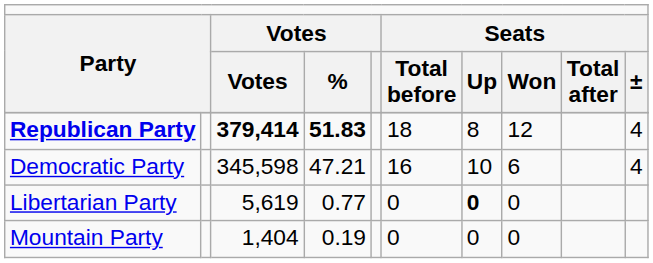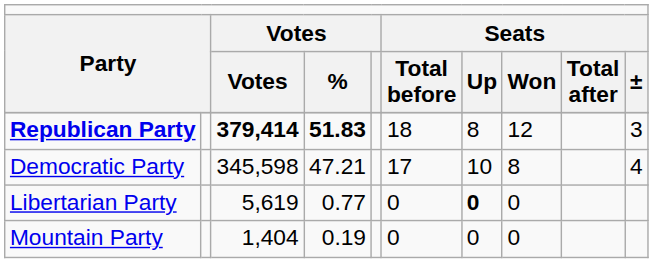 <table class="wikitable sortable" style="text-align:centre;">
 <tr>
 <td colspan=15 align=center></td>
 </tr>
 <tr>
 <th colspan=2 rowspan=2>Party</th>
 <th colspan=3>Votes</th>
 <th colspan=5>Seats</th>
 </tr>
 <tr>
 <th>Votes</th>
 <th>%</th>
 <th class="unsortable"></th>
 <th>Total<br>before</th>
 <th>Up</th>
 <th>Won</th>
 <th>Total<br>after</th>
 <th>±</th>
 </tr>
 <tr>
 </tr>
 <tr>
 <td style="text-align:left;"><strong><a href='#'>Republican Party</a></strong></td>
 <td style="background:"></td>
 <td style="text-align:right;"><strong>379,414</strong></td>
 <td style="text-align:right;"><strong>51.83</strong></td>
 <td></td>
 <td>18</td>
 <td>8</td>
 <td>12</td>
 <td data-sort-value=""></td>
-<td style="text-align:right;"> 4</td>
+<td style="text-align:right;"> 3</td>
 </tr>
 <tr>
 <td style="text-align:left;"><a href='#'>Democratic Party</a></td>
 <td style="background:"></td>
 <td style="text-align:right;">345,598</td>
 <td style="text-align:right;">47.21</td>
 <td></td>
-<td>16</td>
+<td>17</td>
 <td>10</td>
-<td>6</td>
+<td>8</td>
 <td data-sort-value=""></td>
 <td style="text-align:right;"> 4</td>
 </tr>
 <tr>
 <td style="text-align:left;"><a href='#'>Libertarian Party</a></td>
 <td style="background:"></td>
 <td style="text-align:right;">5,619</td>
 <td style="text-align:right;">0.77</td>
 <td></td>
 <td>0</td>
 <td><strong>0</strong></td>
 <td>0</td>
 <td data-sort-value=""></td>
 <td style="text-align:right;"></td>
 </tr>
 <tr>
 <td style="text-align:left;"><a href='#'>Mountain Party</a></td>
 <td style="background:"></td>
 <td style="text-align:right;">1,404</td>
 <td style="text-align:right;">0.19</td>
 <td></td>
 <td>0</td>
 <td>0</td>
 <td>0</td>
 <td data-sort-value=""></td>
 <td style="text-align:right;"></td>
 </tr>
 </table>
